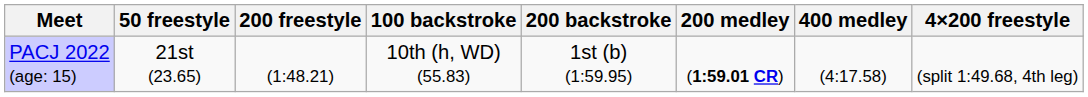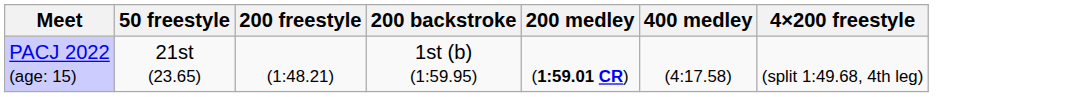 <table class="sortable wikitable">
 <tr>
 <th>Meet</th>
 <th class="unsortable">50 freestyle</th>
 <th class="unsortable">200 freestyle</th>
-<th class="unsortable">100 backstroke</th>
 <th class="unsortable">200 backstroke</th>
 <th class="unsortable">200 medley</th>
 <th class="unsortable">400 medley</th>
 <th class="unsortable">4×200 freestyle</th>
 </tr>
 <tr>
 <td style="background:#ccccff"><a href='#'>PACJ 2022</a><br><small>(age: 15)</small></td>
 <td align="center">21st<br><small>(23.65)</small></td>
 <td align="center"><br><small>(1:48.21)</small></td>
-<td align="center">10th (h, WD)<br><small>(55.83)</small></td>
 <td align="center">1st (b)<br><small>(1:59.95)</small></td>
 <td align="center"><br><small>(<strong>1:59.01 <a href='#'>CR</a></strong>)</small></td>
 <td align="center"><br><small>(4:17.58)</small></td>
 <td align="center"><br><small>(split 1:49.68, 4th leg)</small></td>
 </tr>
 </table>
